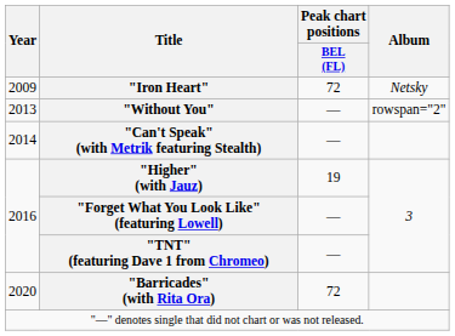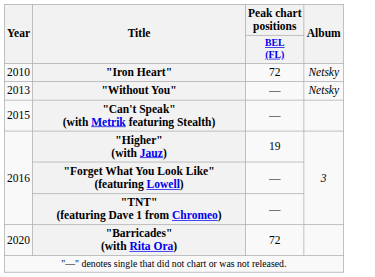 <table class="wikitable plainrowheaders" style="text-align:center;" border="1">
 <tr>
 <th scope="col" rowspan="2" style="width:1em;">Year</th>
 <th scope="col" rowspan="2" style="width:18em;">Title</th>
 <th scope="col" colspan="1">Peak chart<br>positions</th>
 <th scope="col" rowspan="2">Album</th>
 </tr>
 <tr>
 <th scope="col" style="width:3em;font-size:85%;"><a href='#'>BEL<br>(FL)</a><br></th>
 </tr>
 <tr>
-<td>2009</td>
+<td>2010</td>
 <th scope="row">"Iron Heart"</th>
 <td>72</td>
 <td><em>Netsky</em></td>
 </tr>
 <tr>
 <td>2013</td>
 <th scope="row">"Without You"</th>
 <td>—</td>
-<td>rowspan="2" </td>
+<td><em>Netsky</em></td>
 </tr>
 <tr>
-<td>2014</td>
+<td>2015</td>
 <th scope="row">"Can't Speak"<br><span>(with <a href='#'>Metrik</a> featuring Stealth)</span></th>
 <td>—</td>
 </tr>
 <tr>
 <td rowspan="3">2016</td>
 <th scope="row">"Higher"<br><span>(with <a href='#'>Jauz</a>)</span></th>
 <td>19</td>
 <td rowspan="3"><em>3</em></td>
 </tr>
 <tr>
 <th scope="row">"Forget What You Look Like"<br><span>(featuring <a href='#'>Lowell</a>)</span></th>
 <td>—</td>
 </tr>
 <tr>
 <th scope="row">"TNT"<br><span>(featuring Dave 1 from <a href='#'>Chromeo</a>)</span></th>
 <td>—</td>
 </tr>
 <tr>
 <td>2020</td>
 <th scope="row">"Barricades"<br><span>(with <a href='#'>Rita Ora</a>)</span></th>
 <td>72</td>
 <td></td>
 </tr>
 <tr>
 <td colspan="14" style="font-size:85%">"—" denotes single that did not chart or was not released.</td>
 </tr>
 </table>
